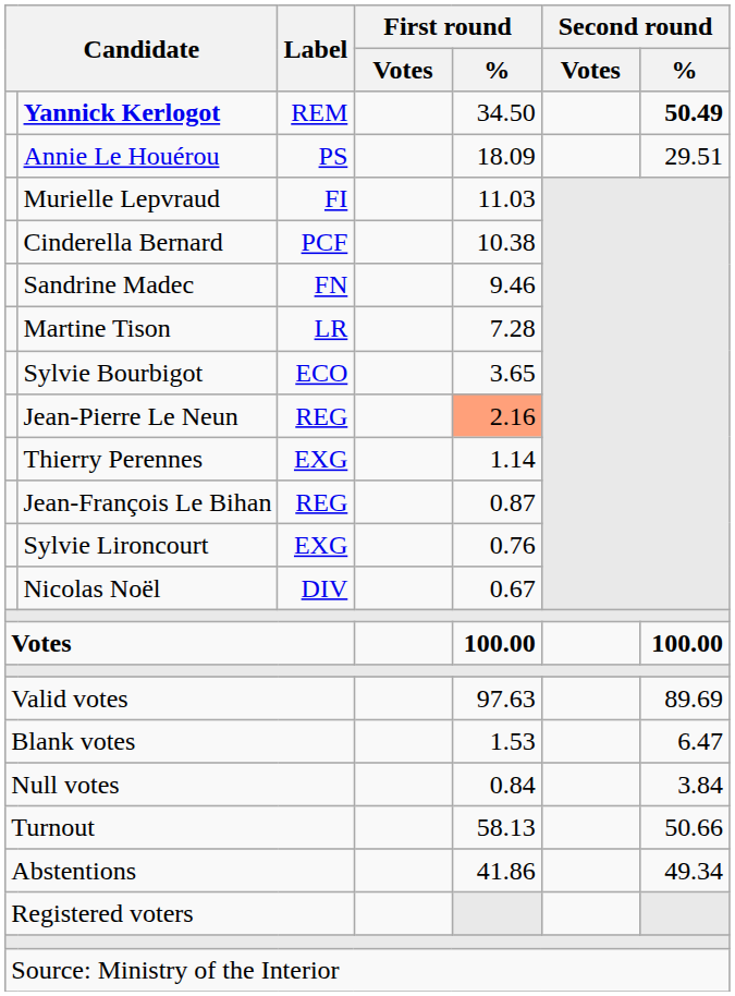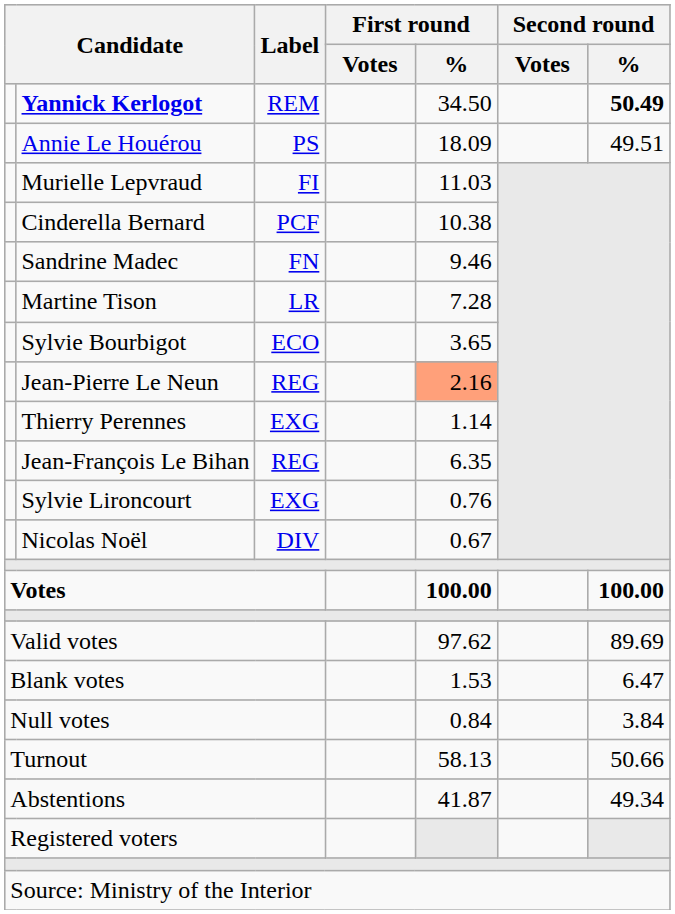 <table class="wikitable" style="text-align:right;font-size:95%;">
 <tr>
 <th rowspan="2" colspan="2">Candidate</th>
 <th rowspan="2">Label</th>
 <th colspan="2">First round</th>
 <th colspan="2">Second round</th>
 </tr>
 <tr>
 <th style="width:50px;">Votes</th>
 <th style="width:45px;">%</th>
 <th style="width:50px;">Votes</th>
 <th style="width:45px;">%</th>
 </tr>
 <tr>
 <td style="color:inherit;background:"></td>
 <td style="text-align:left;"><strong><a href='#'>Yannick Kerlogot</a></strong></td>
 <td><a href='#'>REM</a></td>
 <td></td>
 <td>34.50</td>
 <td><strong></strong></td>
 <td><strong>50.49</strong></td>
 </tr>
 <tr>
 <td style="color:inherit;background:"></td>
 <td style="text-align:left;"><a href='#'>Annie Le Houérou</a></td>
 <td><a href='#'>PS</a></td>
 <td></td>
 <td>18.09</td>
 <td></td>
-<td>29.51</td>
+<td>49.51</td>
 </tr>
 <tr>
 <td style="color:inherit;background:"></td>
 <td style="text-align:left;">Murielle Lepvraud</td>
 <td><a href='#'>FI</a></td>
 <td></td>
 <td>11.03</td>
 <td colspan="2" rowspan="10" style="background:#E9E9E9;"></td>
 </tr>
 <tr>
 <td style="color:inherit;background:"></td>
 <td style="text-align:left;">Cinderella Bernard</td>
 <td><a href='#'>PCF</a></td>
 <td></td>
 <td>10.38</td>
 </tr>
 <tr>
 <td style="color:inherit;background:"></td>
 <td style="text-align:left;">Sandrine Madec</td>
 <td><a href='#'>FN</a></td>
 <td></td>
 <td>9.46</td>
 </tr>
 <tr>
 <td style="color:inherit;background:"></td>
 <td style="text-align:left;">Martine Tison</td>
 <td><a href='#'>LR</a></td>
 <td></td>
 <td>7.28</td>
 </tr>
 <tr>
 <td style="color:inherit;background:"></td>
 <td style="text-align:left;">Sylvie Bourbigot</td>
 <td><a href='#'>ECO</a></td>
 <td></td>
 <td>3.65</td>
 </tr>
 <tr>
 <td style="color:inherit;background:"></td>
 <td style="text-align:left;">Jean-Pierre Le Neun</td>
 <td><a href='#'>REG</a></td>
 <td></td>
 <td style="background: lightsalmon;">2.16</td>
 </tr>
 <tr>
 <td style="color:inherit;background:"></td>
 <td style="text-align:left;">Thierry Perennes</td>
 <td><a href='#'>EXG</a></td>
 <td></td>
 <td>1.14</td>
 </tr>
 <tr>
 <td style="color:inherit;background:"></td>
 <td style="text-align:left;">Jean-François Le Bihan</td>
 <td><a href='#'>REG</a></td>
 <td></td>
-<td>0.87</td>
+<td>6.35</td>
 </tr>
 <tr>
 <td style="color:inherit;background:"></td>
 <td style="text-align:left;">Sylvie Lironcourt</td>
 <td><a href='#'>EXG</a></td>
 <td></td>
 <td>0.76</td>
 </tr>
 <tr>
 <td style="color:inherit;background:"></td>
 <td style="text-align:left;">Nicolas Noël</td>
 <td><a href='#'>DIV</a></td>
 <td></td>
 <td>0.67</td>
 </tr>
 <tr>
 <td colspan="7" style="background:#E9E9E9;"></td>
 </tr>
 <tr style="font-weight:bold;">
 <td colspan="3" style="text-align:left;">Votes</td>
 <td></td>
 <td>100.00</td>
 <td></td>
 <td>100.00</td>
 </tr>
 <tr>
 <td colspan="7" style="background:#E9E9E9;"></td>
 </tr>
 <tr>
 <td colspan="3" style="text-align:left;">Valid votes</td>
 <td></td>
-<td>97.63</td>
+<td>97.62</td>
 <td></td>
 <td>89.69</td>
 </tr>
 <tr>
 <td colspan="3" style="text-align:left;">Blank votes</td>
 <td></td>
 <td>1.53</td>
 <td></td>
 <td>6.47</td>
 </tr>
 <tr>
 <td colspan="3" style="text-align:left;">Null votes</td>
 <td></td>
 <td>0.84</td>
 <td></td>
 <td>3.84</td>
 </tr>
 <tr>
 <td colspan="3" style="text-align:left;">Turnout</td>
 <td></td>
 <td>58.13</td>
 <td></td>
 <td>50.66</td>
 </tr>
 <tr>
 <td colspan="3" style="text-align:left;">Abstentions</td>
 <td></td>
-<td>41.86</td>
+<td>41.87</td>
 <td></td>
 <td>49.34</td>
 </tr>
 <tr>
 <td colspan="3" style="text-align:left;">Registered voters</td>
 <td></td>
 <td style="color:inherit;background:#E9E9E9;"></td>
 <td></td>
 <td style="color:inherit;background:#E9E9E9;"></td>
 </tr>
 <tr>
 <td colspan="7" style="background:#E9E9E9;"></td>
 </tr>
 <tr>
 <td colspan="7" style="text-align:left;">Source: Ministry of the Interior</td>
 </tr>
 </table>
